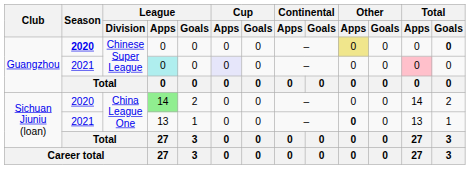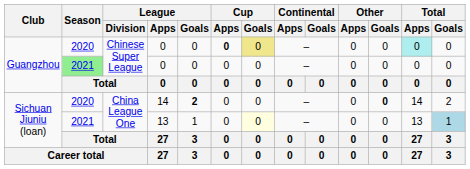 <table class="wikitable" style="text-align: center">
 <tr>
 <th rowspan="2">Club</th>
 <th rowspan="2">Season</th>
 <th colspan="3">League</th>
 <th colspan="2">Cup</th>
 <th colspan="2">Continental</th>
 <th colspan="2">Other</th>
 <th colspan="2">Total</th>
 </tr>
 <tr>
 <th>Division</th>
 <th>Apps</th>
 <th>Goals</th>
 <th>Apps</th>
 <th>Goals</th>
 <th>Apps</th>
 <th>Goals</th>
 <th>Apps</th>
 <th>Goals</th>
 <th>Apps</th>
 <th>Goals</th>
 </tr>
 <tr>
 <td rowspan="3"><a href='#'>Guangzhou</a></td>
-<td><strong><a href='#'>2020</a></strong></td>
+<td><a href='#'>2020</a></td>
 <td rowspan="2"><a href='#'>Chinese Super League</a></td>
+<td>0</td>
+<td>0</td>
+<td><strong>0</strong></td>
+<td style="background: khaki;">0</td>
+<td colspan="2">–</td>
+<td>0</td>
+<td>0</td>
+<td style="background: paleturquoise;">0</td>
+<td>0</td>
+</tr>
+<tr>
+<td style="background: lightgreen;"><a href='#'>2021</a></td>
 <td>0</td>
 <td>0</td>
 <td>0</td>
 <td>0</td>
 <td colspan="2">–</td>
-<td style="background: khaki;">0</td>
 <td>0</td>
 <td>0</td>
-<td><strong>0</strong></td>
-</tr>
-<tr>
-<td><a href='#'>2021</a></td>
-<td style="background: paleturquoise;">0</td>
 <td>0</td>
-<td style="background: lavender;">0</td>
-<td>0</td>
-<td colspan="2">–</td>
-<td>0</td>
-<td>0</td>
-<td style="background: pink;">0</td>
 <td>0</td>
 </tr>
 <tr>
 <th colspan=2>Total</th>
 <th>0</th>
 <th>0</th>
 <th>0</th>
 <th>0</th>
 <th>0</th>
 <th>0</th>
 <th>0</th>
 <th>0</th>
 <th>0</th>
 <th>0</th>
 </tr>
 <tr>
 <td rowspan="3"><a href='#'>Sichuan Jiuniu</a> (loan)</td>
 <td><a href='#'>2020</a></td>
 <td rowspan="2"><a href='#'>China League One</a></td>
-<td style="background: lightgreen;">14</td>
-<td>2</td>
+<td>14</td>
+<td><strong>2</strong></td>
 <td>0</td>
 <td>0</td>
 <td colspan="2">–</td>
 <td>0</td>
-<td>0</td>
+<td><strong>0</strong></td>
 <td>14</td>
 <td>2</td>
 </tr>
 <tr>
 <td><a href='#'>2021</a></td>
 <td>13</td>
 <td>1</td>
 <td>0</td>
+<td style="background: lightyellow;">0</td>
+<td colspan="2">–</td>
 <td>0</td>
-<td colspan="2">–</td>
-<td><strong>0</strong></td>
 <td>0</td>
 <td>13</td>
-<td>1</td>
+<td style="background: lightblue;">1</td>
 </tr>
 <tr>
 <th colspan=2>Total</th>
 <th>27</th>
 <th>3</th>
 <th>0</th>
 <th>0</th>
 <th>0</th>
 <th>0</th>
 <th>0</th>
 <th>0</th>
 <th>27</th>
 <th>3</th>
 </tr>
 <tr>
 <th colspan=3>Career total</th>
 <th>27</th>
 <th>3</th>
 <th>0</th>
 <th>0</th>
 <th>0</th>
 <th>0</th>
 <th>0</th>
 <th>0</th>
 <th>27</th>
 <th>3</th>
 </tr>
 </table>
